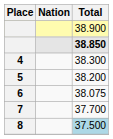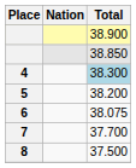 <table class="wikitable sortable">
 <tr>
 <th>Place</th>
 <th>Nation</th>
 <th>Total</th>
 </tr>
 <tr bgcolor=fffcaf>
 <th></th>
 <td></td>
 <td>38.900</td>
 </tr>
 <tr bgcolor=e5e5e5>
 <th></th>
 <td><br></td>
-<td><strong>38.850</strong></td>
+<td>38.850</td>
 </tr>
 <tr>
 <th>4</th>
 <td></td>
-<td>38.300</td>
+<td style="background: lightblue;">38.300</td>
 </tr>
 <tr>
 <th>5</th>
 <td></td>
 <td>38.200</td>
 </tr>
 <tr>
 <th>6</th>
 <td></td>
 <td>38.075</td>
 </tr>
 <tr>
 <th>7</th>
 <td></td>
 <td>37.700</td>
 </tr>
 <tr>
 <th>8</th>
 <td></td>
-<td style="background: lightblue;">37.500</td>
+<td>37.500</td>
 </tr>
 <tr>
 </tr>
 </table>
